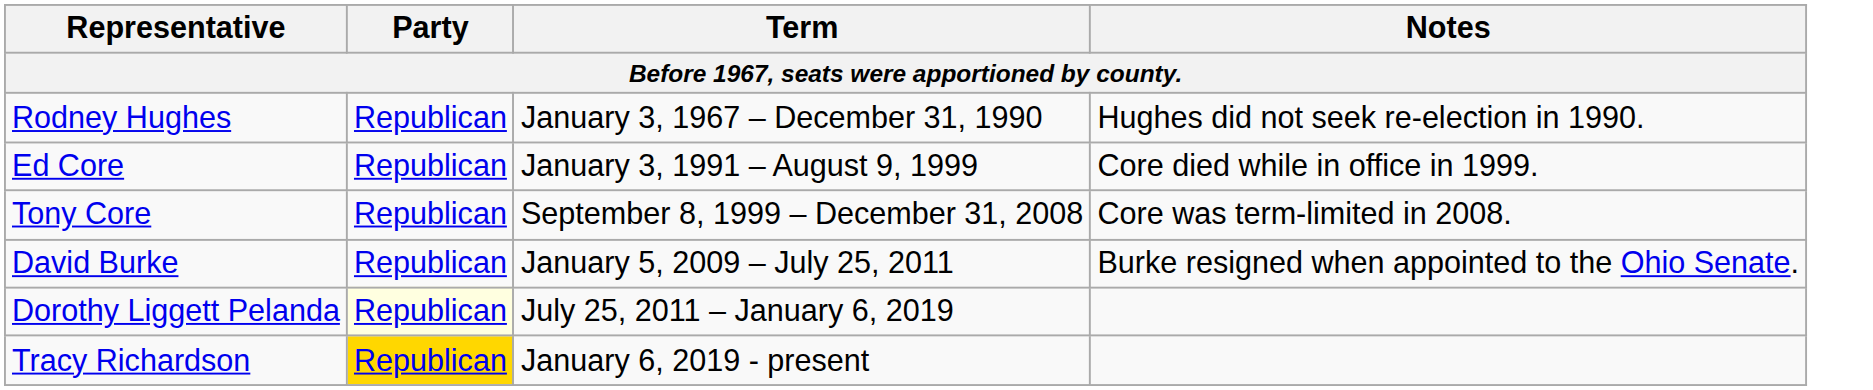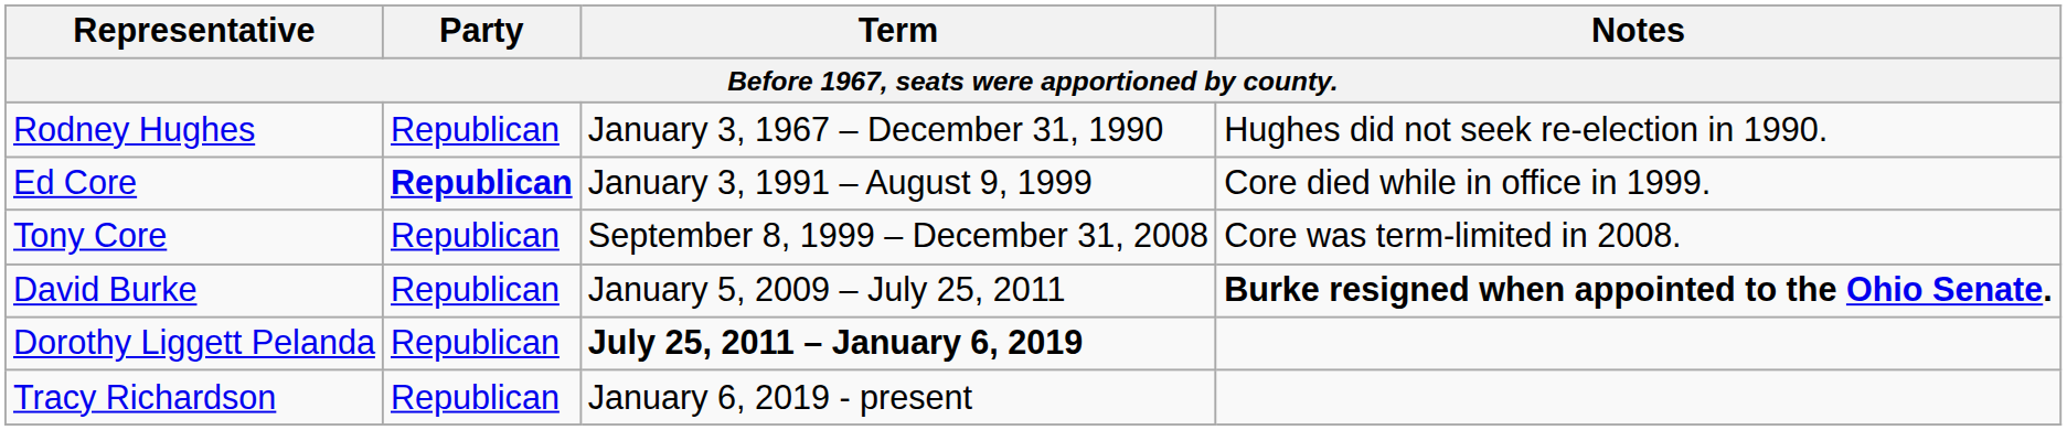 <table class=wikitable>
 <tr valign=bottom>
 <th>Representative</th>
 <th>Party</th>
 <th>Term</th>
 <th>Notes</th>
 </tr>
 <tr>
 <th colspan=5 style="font-size: 80%;"><em>Before 1967, seats were apportioned by county.</em></th>
 </tr>
 <tr>
 <td><a href='#'>Rodney Hughes</a></td>
 <td><a href='#'>Republican</a></td>
 <td>January 3, 1967 – December 31, 1990</td>
 <td>Hughes did not seek re-election in 1990.</td>
 </tr>
 <tr>
 <td><a href='#'>Ed Core</a></td>
-<td><a href='#'>Republican</a></td>
+<td><strong><a href='#'>Republican</a></strong></td>
 <td>January 3, 1991 – August 9, 1999</td>
 <td>Core died while in office in 1999.</td>
 </tr>
 <tr>
 <td><a href='#'>Tony Core</a></td>
 <td><a href='#'>Republican</a></td>
 <td>September 8, 1999 – December 31, 2008</td>
 <td>Core was term-limited in 2008.</td>
 </tr>
 <tr>
 <td><a href='#'>David Burke</a></td>
 <td><a href='#'>Republican</a></td>
 <td>January 5, 2009 – July 25, 2011</td>
-<td>Burke resigned when appointed to the <a href='#'>Ohio Senate</a>.</td>
+<td><strong>Burke resigned when appointed to the <a href='#'>Ohio Senate</a>.</strong></td>
 </tr>
 <tr>
 <td><a href='#'>Dorothy Liggett Pelanda</a></td>
-<td style="background: lightyellow;"><a href='#'>Republican</a></td>
-<td>July 25, 2011 – January 6, 2019</td>
+<td><a href='#'>Republican</a></td>
+<td><strong>July 25, 2011 – January 6, 2019</strong></td>
 <td></td>
 </tr>
 <tr>
 <td><a href='#'>Tracy Richardson</a></td>
-<td style="background: gold;"><a href='#'>Republican</a></td>
+<td><a href='#'>Republican</a></td>
 <td>January 6, 2019 - present</td>
 <td></td>
 </tr>
 </table>
